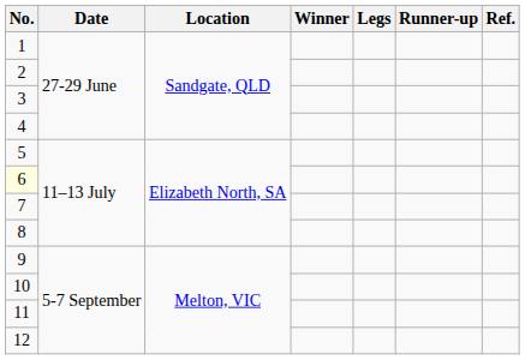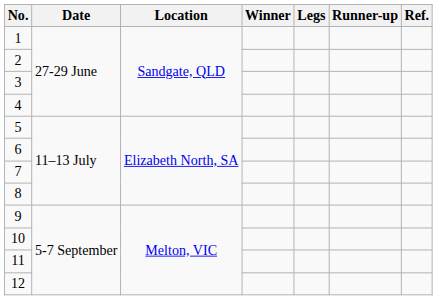 <table class="wikitable">
 <tr>
 <th>No.</th>
 <th>Date</th>
 <th>Location</th>
 <th>Winner</th>
 <th>Legs</th>
 <th>Runner-up</th>
 <th>Ref.</th>
 </tr>
 <tr>
 <td align=center>1</td>
 <td align=left rowspan="4">27-29 June</td>
 <td align="center" rowspan="4"> <a href='#'>Sandgate, QLD</a></td>
 <td align="right"></td>
 <td align="center"></td>
 <td></td>
 <td align="center"></td>
 </tr>
 <tr>
 <td align=center>2</td>
 <td align="right"></td>
 <td align="center"></td>
 <td></td>
 <td align="center"></td>
 </tr>
 <tr>
 <td align=center>3</td>
 <td align="right"></td>
 <td align="center"></td>
 <td></td>
 <td align="center"></td>
 </tr>
 <tr>
 <td align=center>4</td>
 <td align="right"></td>
 <td align="center"></td>
 <td></td>
 <td align="center"></td>
 </tr>
 <tr>
 <td align=center>5</td>
 <td align=left rowspan="4">11–13 July</td>
 <td align="center" rowspan="4"> <a href='#'>Elizabeth North, SA</a></td>
 <td align="right"></td>
 <td align="center"></td>
 <td></td>
 <td align="center"></td>
 </tr>
 <tr>
-<td align=center style="background: lightyellow;">6</td>
+<td align=center>6</td>
 <td align="right"></td>
 <td align="center"></td>
 <td></td>
 <td align="center"></td>
 </tr>
 <tr>
 <td align=center>7</td>
 <td align="right"></td>
 <td align="center"></td>
 <td></td>
 <td align="center"></td>
 </tr>
 <tr>
 <td align=center>8</td>
 <td align="right"></td>
 <td align="center"></td>
 <td></td>
 <td align="center"></td>
 </tr>
 <tr>
 <td align=center>9</td>
 <td align=left rowspan="4">5-7 September</td>
 <td align="center"  rowspan="4"> <a href='#'>Melton, VIC</a></td>
 <td align="right"></td>
 <td align="center"></td>
 <td></td>
 <td align="center"></td>
 </tr>
 <tr>
 <td align=center>10</td>
 <td align="right"></td>
 <td align="center"></td>
 <td></td>
 <td align="center"></td>
 </tr>
 <tr>
 <td align=center>11</td>
 <td align="right"></td>
 <td align="center"></td>
 <td></td>
 <td align="center"></td>
 </tr>
 <tr>
 <td align=center>12</td>
 <td align="right"></td>
 <td align="center"></td>
 <td></td>
 <td align="center"></td>
 </tr>
 </table>
